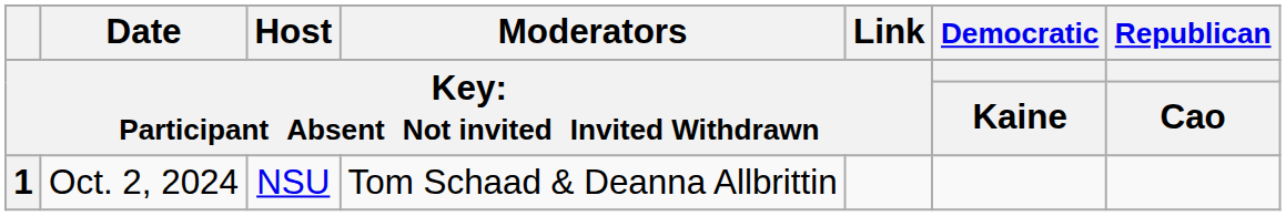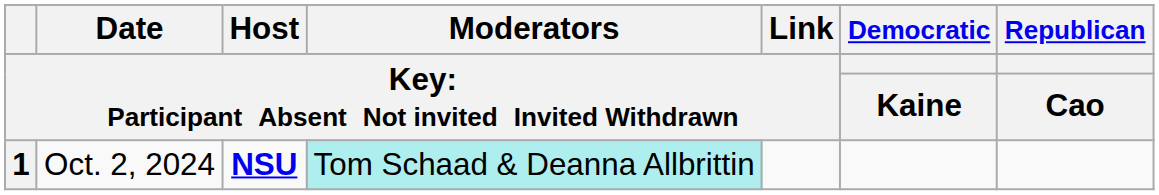 <table class="wikitable" style="text-align:center;">
 <tr>
 <th scope="col"></th>
 <th scope="col">Date</th>
 <th scope="col">Host</th>
 <th scope="col">Moderators</th>
 <th scope="col">Link</th>
 <th scope="col"><small><a href='#'>Democratic</a></small></th>
 <th scope="col"><small><a href='#'>Republican</a></small></th>
 </tr>
 <tr>
 <th colspan="5" rowspan="2">Key:<br> <small>Participant </small>  <small>Absent </small>  <small>Not invited </small>  <small>Invited  Withdrawn</small></th>
 <th scope="col" style="background:"></th>
 <th scope="col" style="background:"></th>
 </tr>
 <tr>
 <th scope="col">Kaine</th>
 <th scope="col">Cao</th>
 </tr>
 <tr>
 <th>1</th>
 <td style="white-space:nowrap;">Oct. 2, 2024</td>
-<td style="white-space:nowrap;"><a href='#'>NSU</a></td>
-<td style="white-space:nowrap;">Tom Schaad & Deanna Allbrittin</td>
+<td style="white-space:nowrap;"><strong><a href='#'>NSU</a></strong></td>
+<td style="background: paleturquoise; white-space:nowrap;">Tom Schaad & Deanna Allbrittin</td>
 <td style="white-space:nowrap;"></td>
 <td></td>
 <td></td>
 </tr>
 </table>
